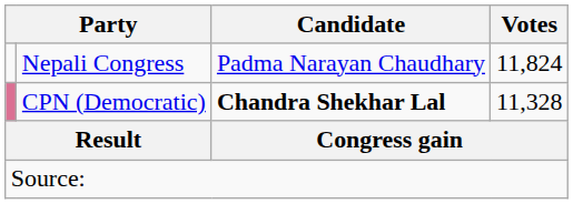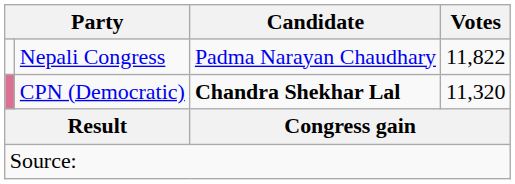 <table class="wikitable">
 <tr>
 <th colspan="2">Party</th>
 <th>Candidate</th>
 <th>Votes</th>
 </tr>
 <tr>
 <td style="background-color:"></td>
 <td><a href='#'>Nepali Congress</a></td>
 <td><a href='#'>Padma Narayan Chaudhary</a></td>
-<td>11,824</td>
+<td>11,822</td>
 </tr>
 <tr>
 <td style="background-color:palevioletred"></td>
 <td><a href='#'>CPN (Democratic)</a></td>
 <td><strong>Chandra Shekhar Lal</strong></td>
-<td>11,328</td>
+<td>11,320</td>
 </tr>
 <tr>
 <th colspan="2">Result</th>
 <th colspan="2">Congress gain</th>
 </tr>
 <tr>
 <td colspan="4">Source: </td>
 </tr>
 </table>
